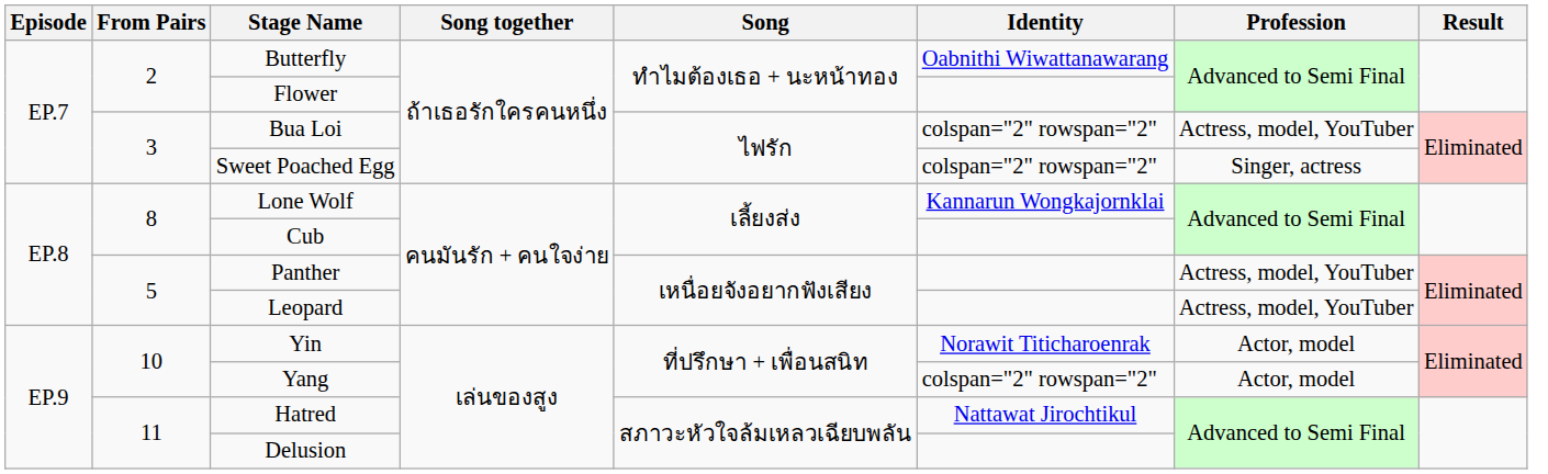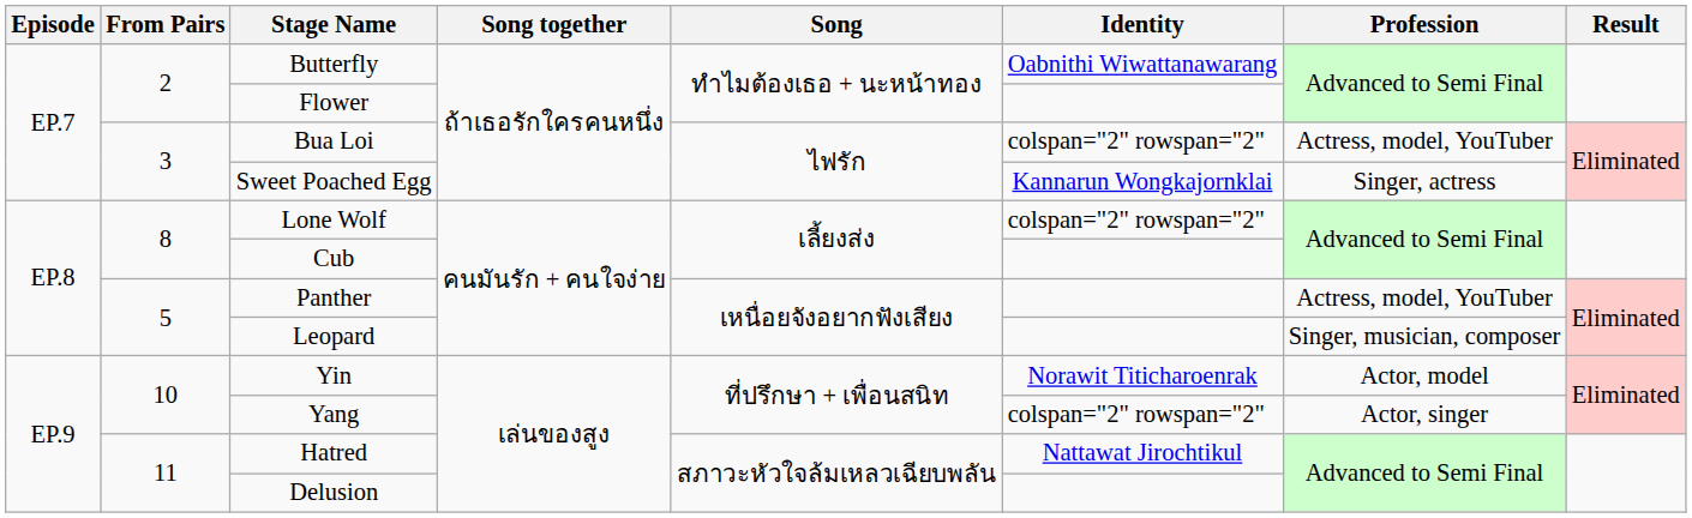 <table class="wikitable">
 <tr>
 <th>Episode</th>
 <th>From Pairs</th>
 <th>Stage Name</th>
 <th>Song together</th>
 <th>Song</th>
 <th>Identity</th>
 <th>Profession</th>
 <th>Result</th>
 </tr>
 <tr>
 <td rowspan="4" style="text-align:center;">EP.7</td>
 <td rowspan="2" style="text-align:center;">2</td>
 <td style="text-align:center;">Butterfly</td>
 <td rowspan="4" style="text-align:center;">ถ้าเธอรักใครคนหนึ่ง</td>
 <td rowspan="2" style="text-align:center;">ทำไมต้องเธอ + นะหน้าทอง</td>
 <td style="text-align:center;"><a href='#'>Oabnithi Wiwattanawarang</a></td>
 <td rowspan="2" style="text-align:center; background:#ccffcc;">Advanced to Semi Final</td>
 </tr>
 <tr>
 <td style="text-align:center;">Flower</td>
 </tr>
 <tr>
 <td rowspan="2" style="text-align:center;">3</td>
 <td style="text-align:center;">Bua Loi</td>
 <td rowspan="2" style="text-align:center;">ไฟรัก</td>
 <td>colspan="2" rowspan="2" </td>
 <td style="text-align:center;">Actress, model, YouTuber</td>
 <td rowspan="2" style="text-align:center; background:#ffcccc;">Eliminated</td>
 </tr>
 <tr>
 <td style="text-align:center;">Sweet Poached Egg</td>
-<td>colspan="2" rowspan="2" </td>
+<td style="text-align:center;"><a href='#'>Kannarun Wongkajornklai</a></td>
 <td style="text-align:center;">Singer, actress</td>
 </tr>
 <tr>
 <td rowspan="4" style="text-align:center;">EP.8</td>
 <td rowspan="2" style="text-align:center;">8</td>
 <td style="text-align:center;">Lone Wolf</td>
 <td rowspan="4" style="text-align:center;">คนมันรัก + คนใจง่าย</td>
 <td rowspan="2" style="text-align:center;">เลี้ยงส่ง</td>
-<td style="text-align:center;"><a href='#'>Kannarun Wongkajornklai</a></td>
+<td>colspan="2" rowspan="2" </td>
 <td rowspan="2" style="text-align:center; background:#ccffcc;">Advanced to Semi Final</td>
 </tr>
 <tr>
 <td style="text-align:center;">Cub</td>
 </tr>
 <tr>
 <td rowspan="2" style="text-align:center;">5</td>
 <td style="text-align:center;">Panther</td>
 <td rowspan="2" style="text-align:center;">เหนื่อยจังอยากฟังเสียง</td>
 <td style="text-align:center;"></td>
 <td style="text-align:center;">Actress, model, YouTuber</td>
 <td rowspan="2" style="text-align:center; background:#ffcccc;">Eliminated</td>
 </tr>
 <tr>
 <td style="text-align:center;">Leopard</td>
 <td style="text-align:center;"></td>
-<td style="text-align:center;">Actress, model, YouTuber</td>
+<td style="text-align:center;">Singer, musician, composer</td>
 </tr>
 <tr>
 <td rowspan="4" style="text-align:center;">EP.9</td>
 <td rowspan="2" style="text-align:center;">10</td>
 <td style="text-align:center;">Yin</td>
 <td rowspan="4" style="text-align:center;">เล่นของสูง</td>
 <td rowspan="2" style="text-align:center;">ที่ปรึกษา + เพื่อนสนิท</td>
 <td style="text-align:center;"><a href='#'>Norawit Titicharoenrak</a></td>
 <td style="text-align:center;">Actor, model</td>
 <td rowspan="2" style="text-align:center; background:#ffcccc;">Eliminated</td>
 </tr>
 <tr>
 <td style="text-align:center;">Yang</td>
 <td>colspan="2" rowspan="2" </td>
-<td style="text-align:center;">Actor, model</td>
+<td style="text-align:center;">Actor, singer</td>
 </tr>
 <tr>
 <td rowspan="2" style="text-align:center;">11</td>
 <td style="text-align:center;">Hatred</td>
 <td rowspan="2" style="text-align:center;">สภาวะหัวใจล้มเหลวเฉียบพลัน</td>
 <td style="text-align:center;"><a href='#'>Nattawat Jirochtikul</a></td>
 <td rowspan="2" style="text-align:center; background:#ccffcc;">Advanced to Semi Final</td>
 </tr>
 <tr>
 <td style="text-align:center;">Delusion</td>
 </tr>
 </table>
